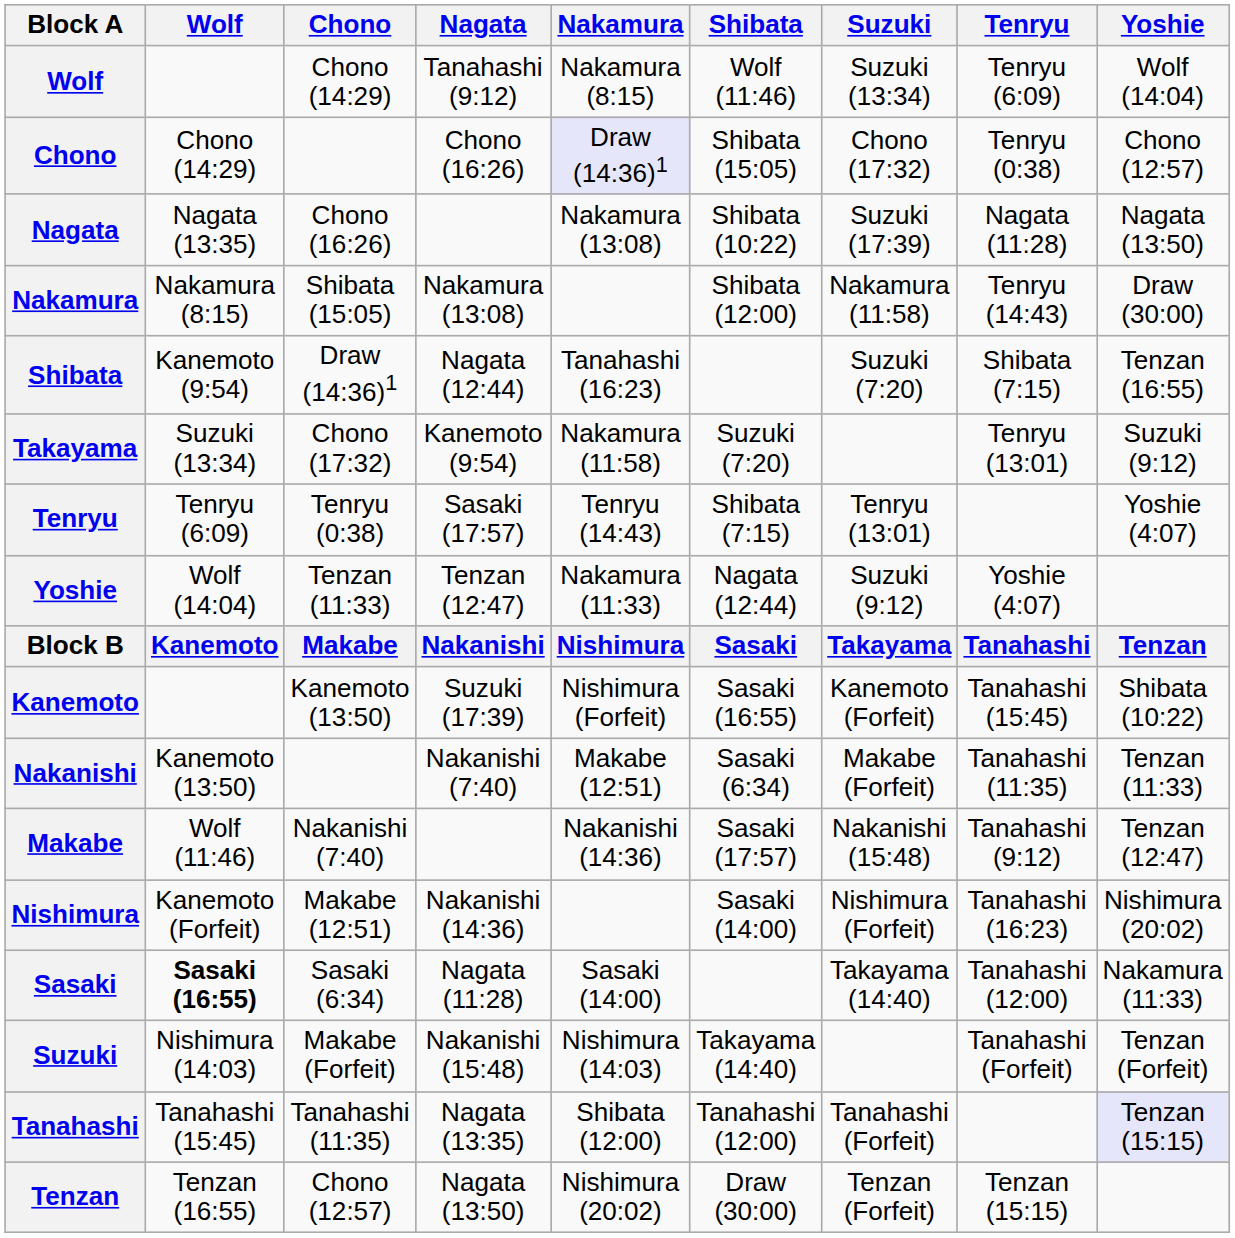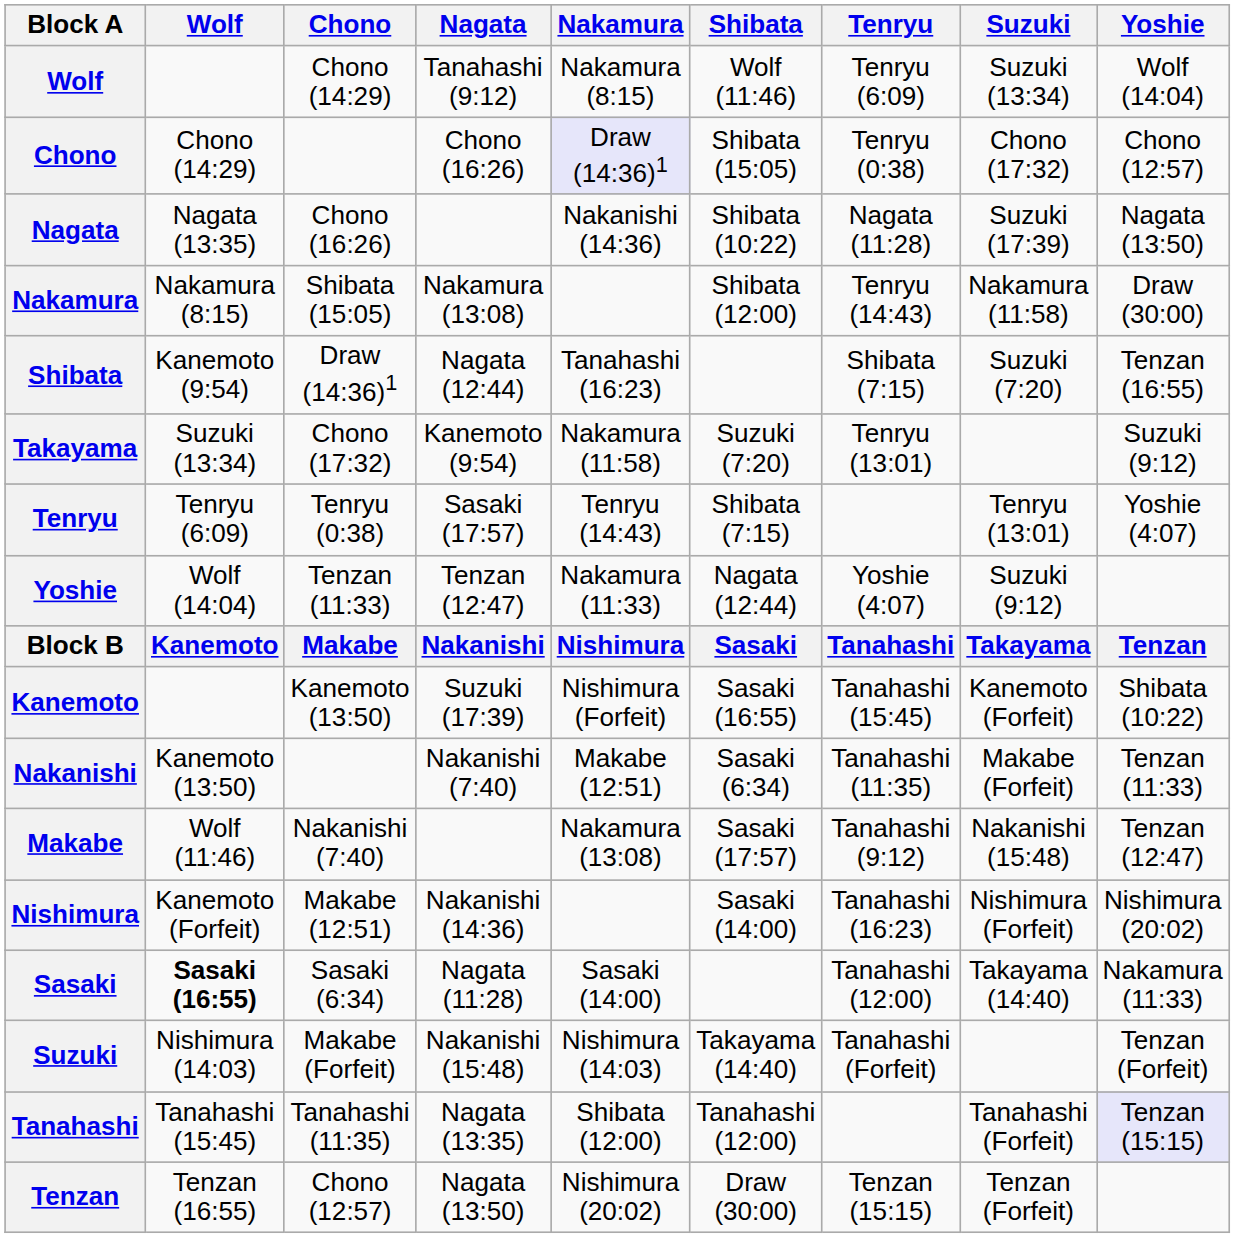 <table class="wikitable" style="margin: 1em auto 1em auto">
 <tr align="center">
 <th>Block A</th>
 <th><a href='#'>Wolf</a></th>
 <th><a href='#'>Chono</a></th>
 <th><a href='#'>Nagata</a></th>
 <th><a href='#'>Nakamura</a></th>
 <th><a href='#'>Shibata</a></th>
+<th><a href='#'>Tenryu</a></th>
 <th><a href='#'>Suzuki</a></th>
-<th><a href='#'>Tenryu</a></th>
 <th><a href='#'>Yoshie</a></th>
 </tr>
 <tr align="center">
 <th><a href='#'>Wolf</a></th>
 <td></td>
 <td>Chono<br>(14:29)</td>
 <td>Tanahashi<br>(9:12)</td>
 <td>Nakamura<br>(8:15)</td>
 <td>Wolf<br>(11:46)</td>
+<td>Tenryu<br>(6:09)</td>
 <td>Suzuki<br>(13:34)</td>
-<td>Tenryu<br>(6:09)</td>
 <td>Wolf<br>(14:04)</td>
 </tr>
 <tr align="center">
 <th><a href='#'>Chono</a></th>
 <td>Chono<br>(14:29)</td>
 <td></td>
 <td>Chono<br>(16:26)</td>
 <td style="background: lavender;">Draw<br>(14:36)<sup>1</sup></td>
 <td>Shibata<br>(15:05)</td>
+<td>Tenryu<br>(0:38)</td>
 <td>Chono<br>(17:32)</td>
-<td>Tenryu<br>(0:38)</td>
 <td>Chono<br>(12:57)</td>
 </tr>
 <tr align="center">
 <th><a href='#'>Nagata</a></th>
 <td>Nagata<br>(13:35)</td>
 <td>Chono<br>(16:26)</td>
 <td></td>
-<td>Nakamura<br>(13:08)</td>
+<td>Nakanishi<br>(14:36)</td>
 <td>Shibata<br>(10:22)</td>
+<td>Nagata<br>(11:28)</td>
 <td>Suzuki<br>(17:39)</td>
-<td>Nagata<br>(11:28)</td>
 <td>Nagata<br>(13:50)</td>
 </tr>
 <tr align="center">
 <th><a href='#'>Nakamura</a></th>
 <td>Nakamura<br>(8:15)</td>
 <td>Shibata<br>(15:05)</td>
 <td>Nakamura<br>(13:08)</td>
 <td></td>
 <td>Shibata<br>(12:00)</td>
+<td>Tenryu<br>(14:43)</td>
 <td>Nakamura<br>(11:58)</td>
-<td>Tenryu<br>(14:43)</td>
 <td>Draw<br>(30:00)</td>
 </tr>
 <tr align="center">
 <th><a href='#'>Shibata</a></th>
 <td>Kanemoto<br>(9:54)</td>
 <td>Draw<br>(14:36)<sup>1</sup></td>
 <td>Nagata<br>(12:44)</td>
 <td>Tanahashi<br>(16:23)</td>
 <td></td>
+<td>Shibata<br>(7:15)</td>
 <td>Suzuki<br>(7:20)</td>
-<td>Shibata<br>(7:15)</td>
 <td>Tenzan<br>(16:55)</td>
 </tr>
 <tr align="center">
 <th><a href='#'>Takayama</a></th>
 <td>Suzuki<br>(13:34)</td>
 <td>Chono<br>(17:32)</td>
 <td>Kanemoto<br>(9:54)</td>
 <td>Nakamura<br>(11:58)</td>
 <td>Suzuki<br>(7:20)</td>
+<td>Tenryu<br>(13:01)</td>
 <td></td>
-<td>Tenryu<br>(13:01)</td>
 <td>Suzuki<br>(9:12)</td>
 </tr>
 <tr align="center">
 <th><a href='#'>Tenryu</a></th>
 <td>Tenryu<br>(6:09)</td>
 <td>Tenryu<br>(0:38)</td>
 <td>Sasaki<br>(17:57)</td>
 <td>Tenryu<br>(14:43)</td>
 <td>Shibata<br>(7:15)</td>
+<td></td>
 <td>Tenryu<br>(13:01)</td>
-<td></td>
 <td>Yoshie<br>(4:07)</td>
 </tr>
 <tr align="center">
 <th><a href='#'>Yoshie</a></th>
 <td>Wolf<br>(14:04)</td>
 <td>Tenzan<br>(11:33)</td>
 <td>Tenzan<br>(12:47)</td>
 <td>Nakamura<br>(11:33)</td>
 <td>Nagata<br>(12:44)</td>
+<td>Yoshie<br>(4:07)</td>
 <td>Suzuki<br>(9:12)</td>
-<td>Yoshie<br>(4:07)</td>
 <td></td>
 </tr>
 <tr align="center">
 <th>Block B</th>
 <th><a href='#'>Kanemoto</a></th>
 <th><a href='#'>Makabe</a></th>
 <th><a href='#'>Nakanishi</a></th>
 <th><a href='#'>Nishimura</a></th>
 <th><a href='#'>Sasaki</a></th>
+<th><a href='#'>Tanahashi</a></th>
 <th><a href='#'>Takayama</a></th>
-<th><a href='#'>Tanahashi</a></th>
 <th><a href='#'>Tenzan</a></th>
 </tr>
 <tr align="center">
 <th><a href='#'>Kanemoto</a></th>
 <td></td>
 <td>Kanemoto<br>(13:50)</td>
 <td>Suzuki<br>(17:39)</td>
 <td>Nishimura<br>(Forfeit)</td>
 <td>Sasaki<br>(16:55)</td>
+<td>Tanahashi<br>(15:45)</td>
 <td>Kanemoto<br>(Forfeit)</td>
-<td>Tanahashi<br>(15:45)</td>
 <td>Shibata<br>(10:22)</td>
 </tr>
 <tr align="center">
 <th><a href='#'>Nakanishi</a></th>
 <td>Kanemoto<br>(13:50)</td>
 <td></td>
 <td>Nakanishi<br>(7:40)</td>
 <td>Makabe<br>(12:51)</td>
 <td>Sasaki<br>(6:34)</td>
+<td>Tanahashi<br>(11:35)</td>
 <td>Makabe<br>(Forfeit)</td>
-<td>Tanahashi<br>(11:35)</td>
 <td>Tenzan<br>(11:33)</td>
 </tr>
 <tr align="center">
 <th><a href='#'>Makabe</a></th>
 <td>Wolf<br>(11:46)</td>
 <td>Nakanishi<br>(7:40)</td>
 <td></td>
-<td>Nakanishi<br>(14:36)</td>
+<td>Nakamura<br>(13:08)</td>
 <td>Sasaki<br>(17:57)</td>
+<td>Tanahashi<br>(9:12)</td>
 <td>Nakanishi<br>(15:48)</td>
-<td>Tanahashi<br>(9:12)</td>
 <td>Tenzan<br>(12:47)</td>
 </tr>
 <tr align="center">
 <th><a href='#'>Nishimura</a></th>
 <td>Kanemoto<br>(Forfeit)</td>
 <td>Makabe<br>(12:51)</td>
 <td>Nakanishi<br>(14:36)</td>
 <td></td>
 <td>Sasaki<br>(14:00)</td>
+<td>Tanahashi<br>(16:23)</td>
 <td>Nishimura<br>(Forfeit)</td>
-<td>Tanahashi<br>(16:23)</td>
 <td>Nishimura<br>(20:02)</td>
 </tr>
 <tr align="center">
 <th><a href='#'>Sasaki</a></th>
 <td><strong>Sasaki<br>(16:55)</strong></td>
 <td>Sasaki<br>(6:34)</td>
 <td>Nagata<br>(11:28)</td>
 <td>Sasaki<br>(14:00)</td>
 <td></td>
+<td>Tanahashi<br>(12:00)</td>
 <td>Takayama<br>(14:40)</td>
-<td>Tanahashi<br>(12:00)</td>
 <td>Nakamura<br>(11:33)</td>
 </tr>
 <tr align="center">
 <th><a href='#'>Suzuki</a></th>
 <td>Nishimura<br>(14:03)</td>
 <td>Makabe<br>(Forfeit)</td>
 <td>Nakanishi<br>(15:48)</td>
 <td>Nishimura<br>(14:03)</td>
 <td>Takayama<br>(14:40)</td>
+<td>Tanahashi<br>(Forfeit)</td>
 <td></td>
-<td>Tanahashi<br>(Forfeit)</td>
 <td>Tenzan<br>(Forfeit)</td>
 </tr>
 <tr align="center">
 <th><a href='#'>Tanahashi</a></th>
 <td>Tanahashi<br>(15:45)</td>
 <td>Tanahashi<br>(11:35)</td>
 <td>Nagata<br>(13:35)</td>
 <td>Shibata<br>(12:00)</td>
 <td>Tanahashi<br>(12:00)</td>
+<td></td>
 <td>Tanahashi<br>(Forfeit)</td>
-<td></td>
 <td style="background: lavender;">Tenzan<br>(15:15)</td>
 </tr>
 <tr align="center">
 <th><a href='#'>Tenzan</a></th>
 <td>Tenzan<br>(16:55)</td>
 <td>Chono<br>(12:57)</td>
 <td>Nagata<br>(13:50)</td>
 <td>Nishimura<br>(20:02)</td>
 <td>Draw<br>(30:00)</td>
+<td>Tenzan<br>(15:15)</td>
 <td>Tenzan<br>(Forfeit)</td>
-<td>Tenzan<br>(15:15)</td>
 <td></td>
 </tr>
 </table>
